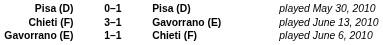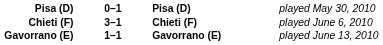 <table width="100%" cellspacing="1">
 <tr>
 <th width="20%"></th>
 <th width="12%"></th>
 <th width="20%"></th>
 <th width="20%"></th>
 <th></th>
 </tr>
 <tr style="font-size:90%;">
 <td align="right"><strong>Pisa (D)</strong></td>
 <td align="center"><strong>0–1</strong></td>
 <td align="left"><strong>Pisa (D)</strong></td>
 <td align="left"><em>played May 30, 2010</em></td>
 </tr>
 <tr style="font-size:90%;">
 <td align="right"><strong>Chieti (F)</strong></td>
 <td align="center"><strong>3–1</strong></td>
-<td align="left"><strong>Gavorrano (E)</strong></td>
-<td align="left"><em>played June 13, 2010</em></td>
+<td align="left"><strong>Chieti (F)</strong></td>
+<td align="left"><em>played June 6, 2010</em></td>
 </tr>
 <tr style="font-size:90%;">
 <td align="right"><strong>Gavorrano (E)</strong></td>
 <td align="center"><strong>1–1</strong></td>
-<td align="left"><strong>Chieti (F)</strong></td>
-<td align="left"><em>played June 6, 2010</em></td>
+<td align="left"><strong>Gavorrano (E)</strong></td>
+<td align="left"><em>played June 13, 2010</em></td>
 </tr>
 </table>
